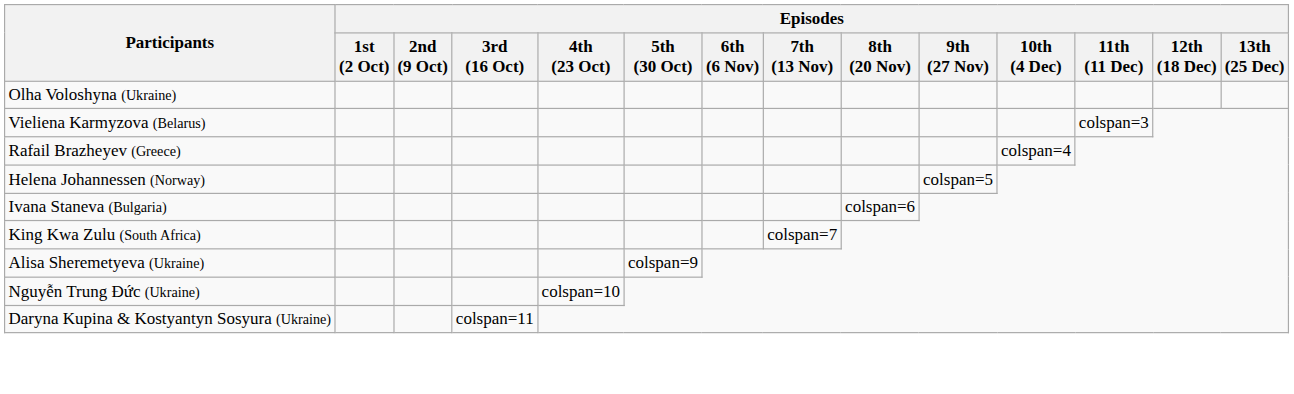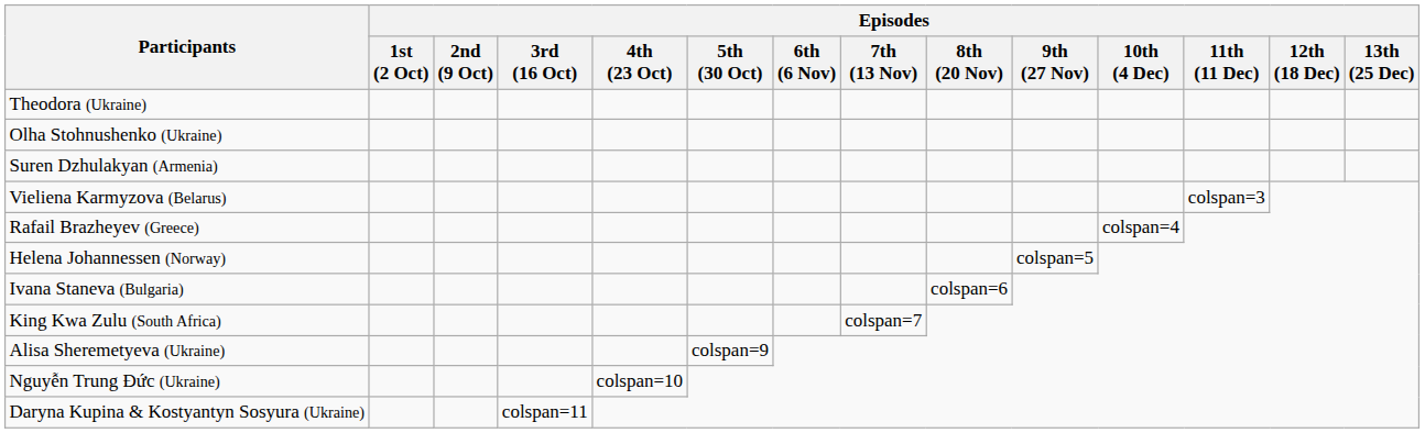 <table class="wikitable" style="font-size:90%;">
 <tr>
 <th rowspan=2>Participants</th>
 <th colspan=13>Episodes</th>
 </tr>
 <tr>
 <th>1st<br>(2 Oct)</th>
 <th>2nd<br>(9 Oct)</th>
 <th>3rd<br>(16 Oct)</th>
 <th>4th<br>(23 Oct)</th>
 <th>5th<br>(30 Oct)</th>
 <th>6th<br>(6 Nov)</th>
 <th>7th<br>(13 Nov)</th>
 <th>8th<br>(20 Nov)</th>
 <th>9th<br>(27 Nov)</th>
 <th>10th<br>(4 Dec)</th>
 <th>11th<br>(11 Dec)</th>
 <th>12th<br>(18 Dec)</th>
 <th>13th<br>(25 Dec)</th>
 </tr>
 <tr>
-<td>Olha Voloshyna <small>(Ukraine)</small></td>
+<td>Theodora <small>(Ukraine)</small></td>
+<td></td>
+<td></td>
+<td></td>
+<td></td>
+<td></td>
+<td></td>
+<td></td>
+<td></td>
+<td></td>
+<td></td>
+<td></td>
+<td></td>
+<td></td>
+</tr>
+<tr>
+<td>Olha Stohnushenko <small>(Ukraine)</small></td>
+<td></td>
+<td></td>
+<td></td>
+<td></td>
+<td></td>
+<td></td>
+<td></td>
+<td></td>
+<td></td>
+<td></td>
+<td></td>
+<td></td>
+<td></td>
+</tr>
+<tr>
+<td>Suren Dzhulakyan <small>(Armenia)</small></td>
 <td></td>
 <td></td>
 <td></td>
 <td></td>
 <td></td>
 <td></td>
 <td></td>
 <td></td>
 <td></td>
 <td></td>
 <td></td>
 <td></td>
 <td></td>
 </tr>
 <tr>
 <td>Vieliena Karmyzova <small>(Belarus)</small></td>
 <td></td>
 <td></td>
 <td></td>
 <td></td>
 <td></td>
 <td></td>
 <td></td>
 <td></td>
 <td></td>
 <td></td>
 <td>colspan=3 </td>
 </tr>
 <tr>
 <td>Rafail Brazheyev <small>(Greece)</small></td>
 <td></td>
 <td></td>
 <td></td>
 <td></td>
 <td></td>
 <td></td>
 <td></td>
 <td></td>
 <td></td>
 <td>colspan=4 </td>
 </tr>
 <tr>
 <td>Helena Johannessen <small>(Norway)</small></td>
 <td></td>
 <td></td>
 <td></td>
 <td></td>
 <td></td>
 <td></td>
 <td></td>
 <td></td>
 <td>colspan=5 </td>
 </tr>
 <tr>
 <td>Ivana Staneva <small>(Bulgaria)</small></td>
 <td></td>
 <td></td>
 <td></td>
 <td></td>
 <td></td>
 <td></td>
 <td></td>
 <td>colspan=6 </td>
 </tr>
 <tr>
 <td>King Kwa Zulu <small>(South Africa)</small></td>
 <td></td>
 <td></td>
 <td></td>
 <td></td>
 <td></td>
 <td></td>
 <td>colspan=7 </td>
 </tr>
 <tr>
 <td>Alisa Sheremetyeva <small>(Ukraine)</small></td>
 <td></td>
 <td></td>
 <td></td>
 <td></td>
 <td>colspan=9 </td>
 </tr>
 <tr>
 <td>Nguyễn Trung Đức <small>(Ukraine)</small></td>
 <td></td>
 <td></td>
 <td></td>
 <td>colspan=10 </td>
 </tr>
 <tr>
 <td>Daryna Kupina & Kostyantyn Sosyura <small>(Ukraine)</small></td>
 <td></td>
 <td></td>
 <td>colspan=11 </td>
 </tr>
 </table>
